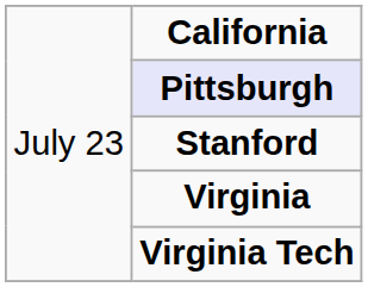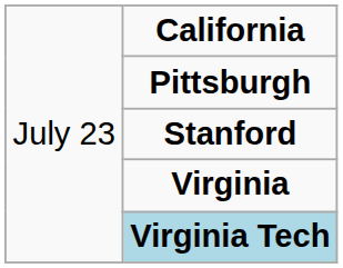 <table class="wikitable" style="text-align: center;">
 <tr>
 <td rowspan="5">July 23</td>
 <td><strong>California</strong></td>
 </tr>
 <tr>
-<td style="background: lavender;"><strong>Pittsburgh</strong></td>
+<td><strong>Pittsburgh</strong></td>
 </tr>
 <tr>
 <td><strong>Stanford</strong></td>
 </tr>
 <tr>
 <td><strong>Virginia</strong></td>
 </tr>
 <tr>
-<td><strong>Virginia Tech</strong></td>
+<td style="background: lightblue;"><strong>Virginia Tech</strong></td>
 </tr>
 </table>
